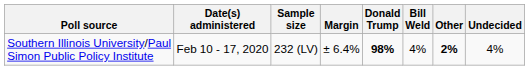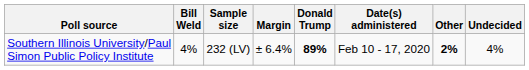 <table class="wikitable" style="font-size:90%;text-align:center;">
 <tr valign=bottom style="font-size:90%;">
 <th>Poll source</th>
-<th>Date(s)<br>administered</th>
+<th>Bill<br>Weld</th>
 <th>Sample<br>size</th>
 <th>Margin<br></th>
 <th>Donald<br>Trump</th>
-<th>Bill<br>Weld</th>
+<th>Date(s)<br>administered</th>
 <th>Other</th>
 <th>Undecided</th>
 </tr>
 <tr>
 <td style="text-align:left;"><a href='#'>Southern Illinois University</a>/<a href='#'>Paul<br>Simon Public Policy Institute</a></td>
-<td>Feb 10 - 17, 2020</td>
+<td>4%</td>
 <td>232 (LV)</td>
 <td>± 6.4%</td>
-<td><strong>98%</strong></td>
-<td>4%</td>
+<td><strong>89%</strong></td>
+<td>Feb 10 - 17, 2020</td>
 <td><strong>2%</strong></td>
 <td>4%</td>
 </tr>
 </table>
